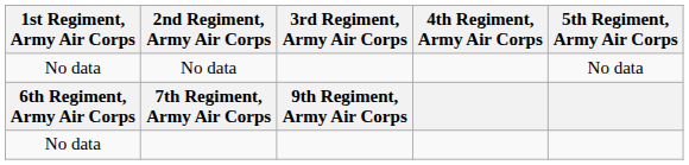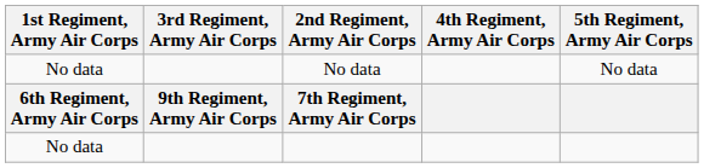 <table class="wikitable" style="text-align:center;">
 <tr>
 <th>1st Regiment, Army Air Corps</th>
+<th>3rd Regiment, Army Air Corps</th>
 <th>2nd Regiment, Army Air Corps</th>
-<th>3rd Regiment, Army Air Corps</th>
 <th>4th Regiment, Army Air Corps</th>
 <th>5th Regiment, Army Air Corps</th>
 </tr>
 <tr>
 <td>No data</td>
+<td></td>
 <td>No data</td>
-<td></td>
 <td></td>
 <td>No data</td>
 </tr>
 <tr>
 <th>6th Regiment, Army Air Corps</th>
+<th>9th Regiment, Army Air Corps</th>
 <th>7th Regiment, Army Air Corps</th>
-<th>9th Regiment, Army Air Corps</th>
 <th></th>
 <th></th>
 </tr>
 <tr>
 <td>No data</td>
 <td></td>
 <td></td>
 <td></td>
 <td></td>
 </tr>
 </table>
